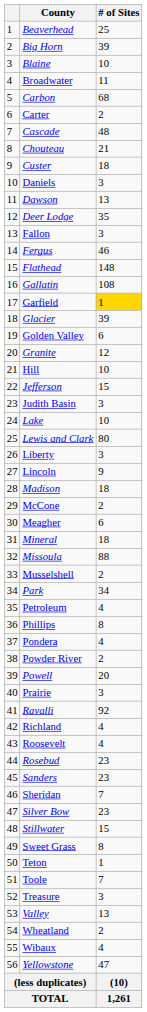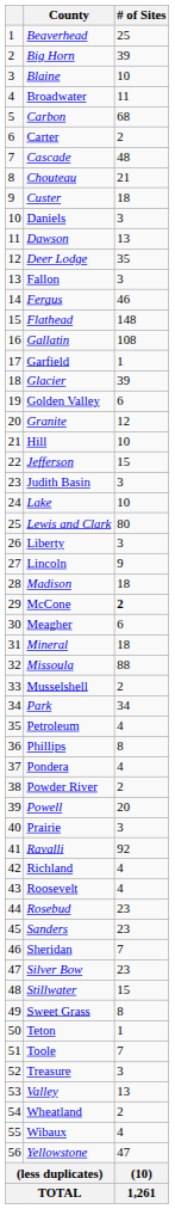 <table class="wikitable sortable">
 <tr>
 <th></th>
 <th><strong>County</strong></th>
 <th><strong># of Sites</strong></th>
 </tr>
 <tr ->
 <td>1</td>
 <td><em><a href='#'>Beaverhead</a></em></td>
 <td>25</td>
 </tr>
 <tr ->
 <td>2</td>
 <td><em><a href='#'>Big Horn</a></em></td>
 <td>39</td>
 </tr>
 <tr ->
 <td>3</td>
 <td><em><a href='#'>Blaine</a></em></td>
 <td>10</td>
 </tr>
 <tr ->
 <td>4</td>
 <td><a href='#'>Broadwater</a></td>
 <td>11</td>
 </tr>
 <tr ->
 <td>5</td>
 <td><em><a href='#'>Carbon</a></em></td>
 <td>68</td>
 </tr>
 <tr ->
 <td>6</td>
 <td><a href='#'>Carter</a></td>
 <td>2</td>
 </tr>
 <tr ->
 <td>7</td>
 <td><em><a href='#'>Cascade</a></em></td>
 <td>48</td>
 </tr>
 <tr ->
 <td>8</td>
 <td><em><a href='#'>Chouteau</a></em></td>
 <td>21</td>
 </tr>
 <tr ->
 <td>9</td>
 <td><em><a href='#'>Custer</a></em></td>
 <td>18</td>
 </tr>
 <tr ->
 <td>10</td>
 <td><a href='#'>Daniels</a></td>
 <td>3</td>
 </tr>
 <tr ->
 <td>11</td>
 <td><em><a href='#'>Dawson</a></em></td>
 <td>13</td>
 </tr>
 <tr ->
 <td>12</td>
 <td><em><a href='#'>Deer Lodge</a></em></td>
 <td>35</td>
 </tr>
 <tr ->
 <td>13</td>
 <td><a href='#'>Fallon</a></td>
 <td>3</td>
 </tr>
 <tr ->
 <td>14</td>
 <td><em><a href='#'>Fergus</a></em></td>
 <td>46</td>
 </tr>
 <tr ->
 <td>15</td>
 <td><em><a href='#'>Flathead</a></em></td>
 <td>148</td>
 </tr>
 <tr ->
 <td>16</td>
 <td><em><a href='#'>Gallatin</a></em></td>
 <td>108</td>
 </tr>
 <tr ->
 <td>17</td>
 <td><a href='#'>Garfield</a></td>
-<td style="background: gold;">1</td>
+<td>1</td>
 </tr>
 <tr ->
 <td>18</td>
 <td><em><a href='#'>Glacier</a></em></td>
 <td>39</td>
 </tr>
 <tr ->
 <td>19</td>
 <td><a href='#'>Golden Valley</a></td>
 <td>6</td>
 </tr>
 <tr ->
 <td>20</td>
 <td><em><a href='#'>Granite</a></em></td>
 <td>12</td>
 </tr>
 <tr ->
 <td>21</td>
 <td><a href='#'>Hill</a></td>
 <td>10</td>
 </tr>
 <tr ->
 <td>22</td>
 <td><em><a href='#'>Jefferson</a></em></td>
 <td>15</td>
 </tr>
 <tr ->
 <td>23</td>
 <td><a href='#'>Judith Basin</a></td>
 <td>3</td>
 </tr>
 <tr ->
 <td>24</td>
 <td><em><a href='#'>Lake</a></em></td>
 <td>10</td>
 </tr>
 <tr ->
 <td>25</td>
 <td><em><a href='#'>Lewis and Clark</a></em></td>
 <td>80</td>
 </tr>
 <tr ->
 <td>26</td>
 <td><a href='#'>Liberty</a></td>
 <td>3</td>
 </tr>
 <tr ->
 <td>27</td>
 <td><a href='#'>Lincoln</a></td>
 <td>9</td>
 </tr>
 <tr ->
 <td>28</td>
 <td><em><a href='#'>Madison</a></em></td>
 <td>18</td>
 </tr>
 <tr ->
 <td>29</td>
 <td><a href='#'>McCone</a></td>
-<td>2</td>
+<td><strong>2</strong></td>
 </tr>
 <tr ->
 <td>30</td>
 <td><a href='#'>Meagher</a></td>
 <td>6</td>
 </tr>
 <tr ->
 <td>31</td>
 <td><em><a href='#'>Mineral</a></em></td>
 <td>18</td>
 </tr>
 <tr ->
 <td>32</td>
 <td><em><a href='#'>Missoula</a></em></td>
 <td>88</td>
 </tr>
 <tr ->
 <td>33</td>
 <td><a href='#'>Musselshell</a></td>
 <td>2</td>
 </tr>
 <tr ->
 <td>34</td>
 <td><em><a href='#'>Park</a></em></td>
 <td>34</td>
 </tr>
 <tr ->
 <td>35</td>
 <td><a href='#'>Petroleum</a></td>
 <td>4</td>
 </tr>
 <tr ->
 <td>36</td>
 <td><a href='#'>Phillips</a></td>
 <td>8</td>
 </tr>
 <tr ->
 <td>37</td>
 <td><a href='#'>Pondera</a></td>
 <td>4</td>
 </tr>
 <tr ->
 <td>38</td>
 <td><a href='#'>Powder River</a></td>
 <td>2</td>
 </tr>
 <tr ->
 <td>39</td>
 <td><em><a href='#'>Powell</a></em></td>
 <td>20</td>
 </tr>
 <tr ->
 <td>40</td>
 <td><a href='#'>Prairie</a></td>
 <td>3</td>
 </tr>
 <tr ->
 <td>41</td>
 <td><em><a href='#'>Ravalli</a></em></td>
 <td>92</td>
 </tr>
 <tr ->
 <td>42</td>
 <td><a href='#'>Richland</a></td>
 <td>4</td>
 </tr>
 <tr ->
 <td>43</td>
 <td><a href='#'>Roosevelt</a></td>
 <td>4</td>
 </tr>
 <tr ->
 <td>44</td>
 <td><em><a href='#'>Rosebud</a></em></td>
 <td>23</td>
 </tr>
 <tr ->
 <td>45</td>
 <td><em><a href='#'>Sanders</a></em></td>
 <td>23</td>
 </tr>
 <tr ->
 <td>46</td>
 <td><a href='#'>Sheridan</a></td>
 <td>7</td>
 </tr>
 <tr ->
 <td>47</td>
 <td><em><a href='#'>Silver Bow</a></em></td>
 <td>23</td>
 </tr>
 <tr ->
 <td>48</td>
 <td><em><a href='#'>Stillwater</a></em></td>
 <td>15</td>
 </tr>
 <tr ->
 <td>49</td>
 <td><a href='#'>Sweet Grass</a></td>
 <td>8</td>
 </tr>
 <tr ->
 <td>50</td>
 <td><a href='#'>Teton</a></td>
 <td>1</td>
 </tr>
 <tr ->
 <td>51</td>
 <td><a href='#'>Toole</a></td>
 <td>7</td>
 </tr>
 <tr ->
 <td>52</td>
 <td><a href='#'>Treasure</a></td>
 <td>3</td>
 </tr>
 <tr ->
 <td>53</td>
 <td><em><a href='#'>Valley</a></em></td>
 <td>13</td>
 </tr>
 <tr ->
 <td>54</td>
 <td><a href='#'>Wheatland</a></td>
 <td>2</td>
 </tr>
 <tr ->
 <td>55</td>
 <td><a href='#'>Wibaux</a></td>
 <td>4</td>
 </tr>
 <tr ->
 <td>56</td>
 <td><em><a href='#'>Yellowstone</a></em></td>
 <td>47</td>
 </tr>
 <tr class="sortbottom">
 <th colspan="2">(less duplicates)</th>
 <th>(10)</th>
 </tr>
 <tr class="sortbottom">
 <th colspan="2">TOTAL</th>
 <th>1,261</th>
 </tr>
 </table>
